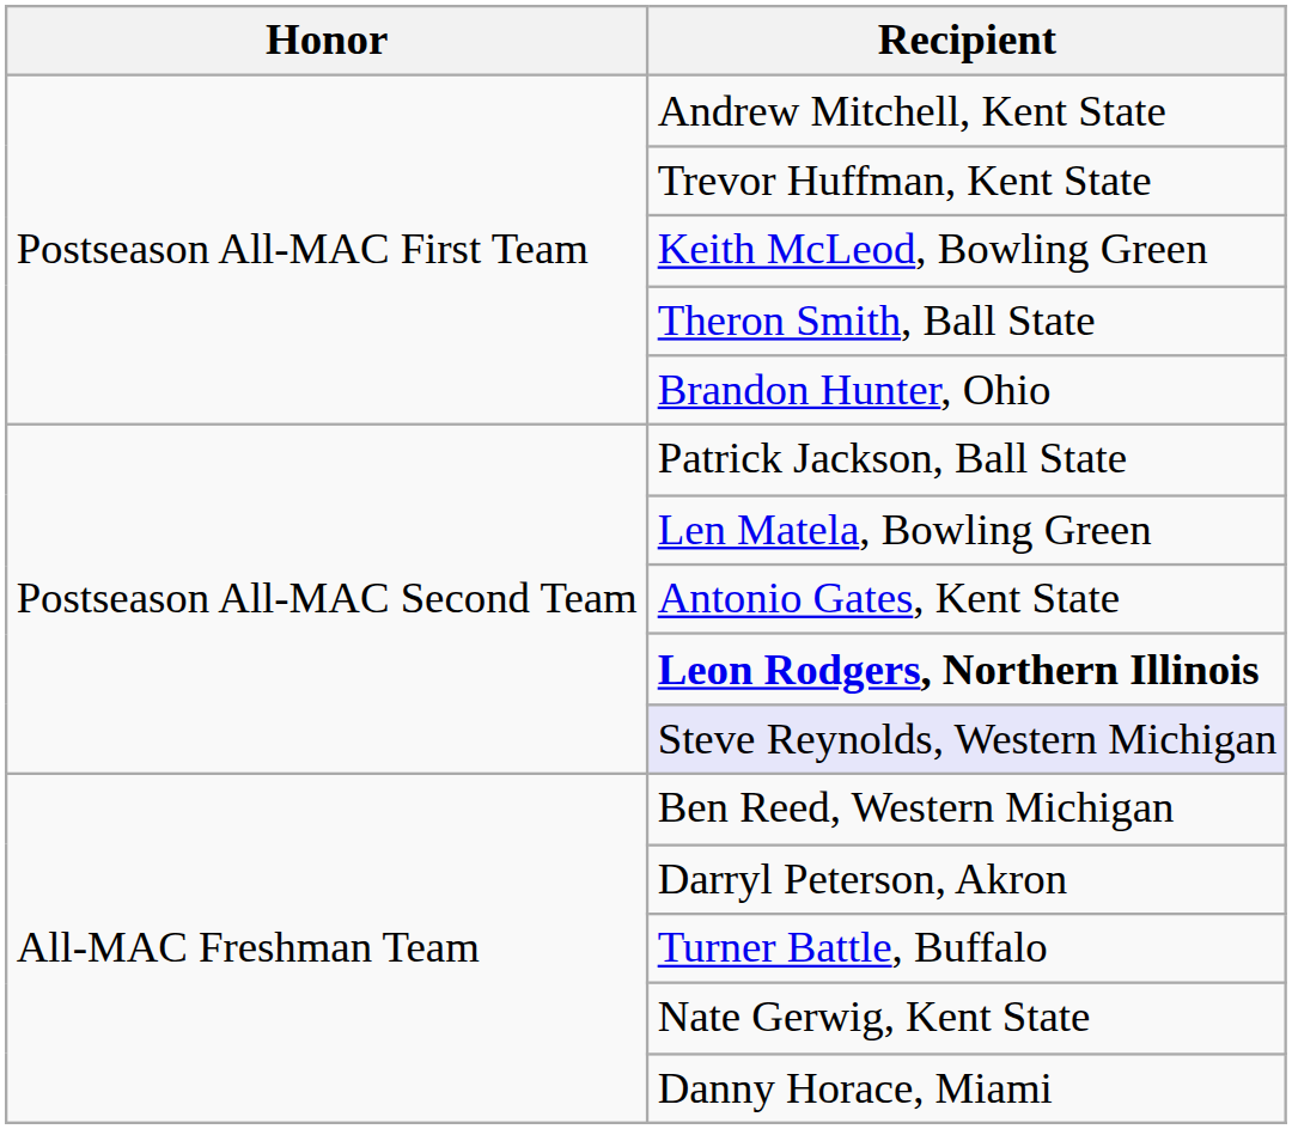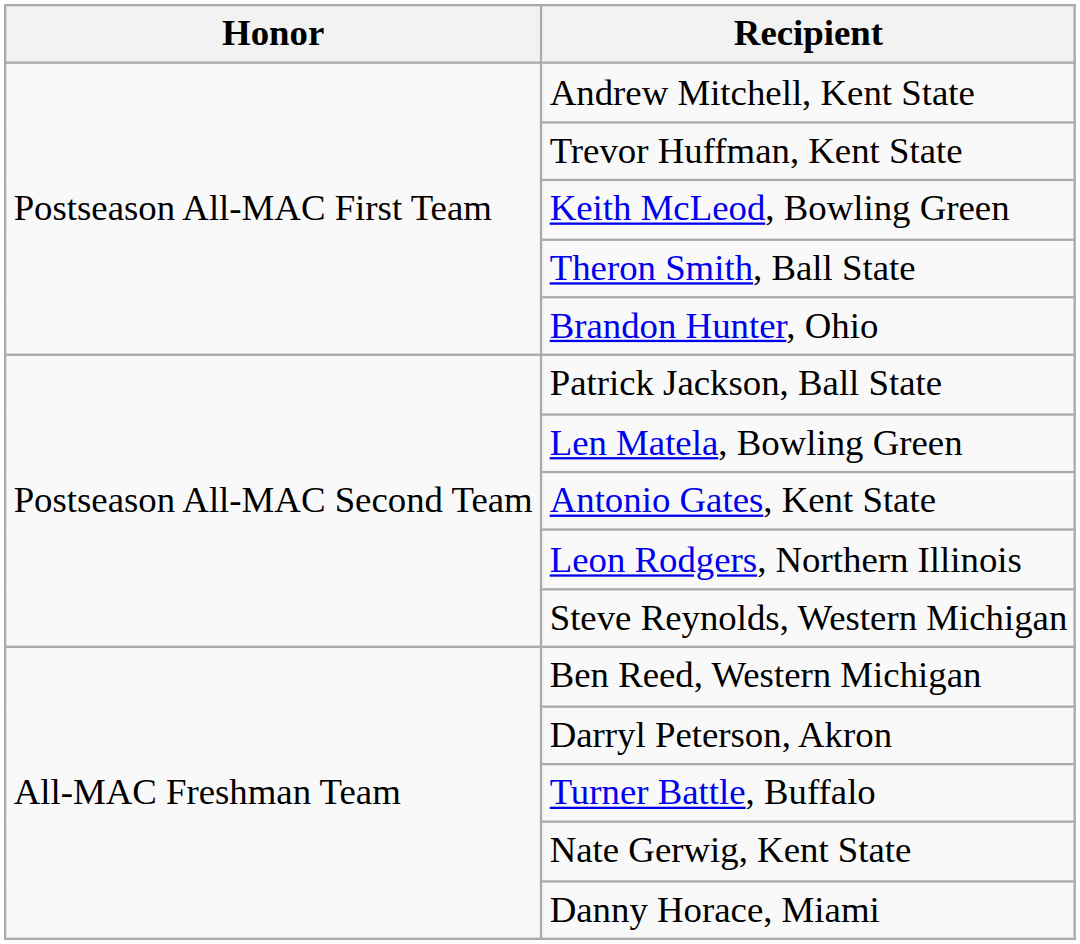 <table class="wikitable" border="1">
 <tr>
 <th>Honor</th>
 <th>Recipient</th>
 </tr>
 <tr>
 <td rowspan=5 valign=middle>Postseason All-MAC First Team</td>
 <td>Andrew Mitchell, Kent State</td>
 </tr>
 <tr>
 <td>Trevor Huffman, Kent State</td>
 </tr>
 <tr>
 <td><a href='#'>Keith McLeod</a>, Bowling Green</td>
 </tr>
 <tr>
 <td><a href='#'>Theron Smith</a>, Ball State</td>
 </tr>
 <tr>
 <td><a href='#'>Brandon Hunter</a>, Ohio</td>
 </tr>
 <tr>
 <td rowspan=5 valign=middle>Postseason All-MAC Second Team</td>
 <td>Patrick Jackson, Ball State</td>
 </tr>
 <tr>
 <td><a href='#'>Len Matela</a>, Bowling Green</td>
 </tr>
 <tr>
 <td><a href='#'>Antonio Gates</a>, Kent State</td>
 </tr>
 <tr>
-<td><strong><a href='#'>Leon Rodgers</a>, Northern Illinois</strong></td>
+<td><a href='#'>Leon Rodgers</a>, Northern Illinois</td>
 </tr>
 <tr>
-<td style="background: lavender;">Steve Reynolds, Western Michigan</td>
+<td>Steve Reynolds, Western Michigan</td>
 </tr>
 <tr>
 <td rowspan=5 valign=middle>All-MAC Freshman Team</td>
 <td>Ben Reed, Western Michigan</td>
 </tr>
 <tr>
 <td>Darryl Peterson, Akron</td>
 </tr>
 <tr>
 <td><a href='#'>Turner Battle</a>, Buffalo</td>
 </tr>
 <tr>
 <td>Nate Gerwig, Kent State</td>
 </tr>
 <tr>
 <td>Danny Horace, Miami</td>
 </tr>
 <tr>
 </tr>
 </table>
